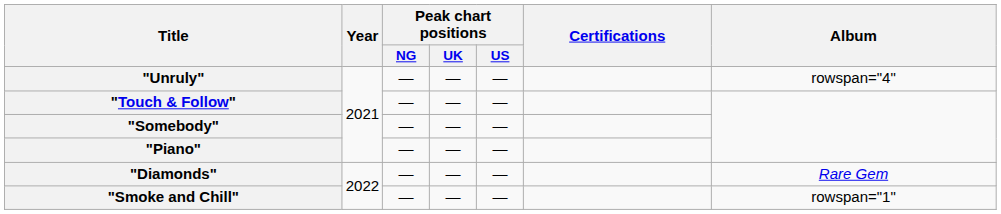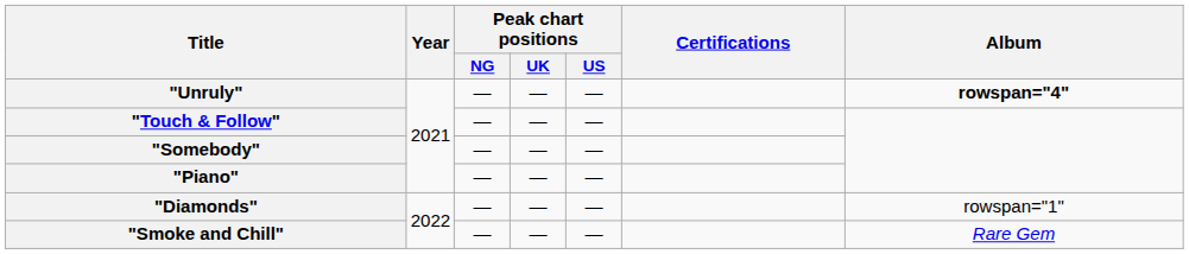 <table class="wikitable plainrowheaders" style="text-align:center;" border="1">
 <tr>
 <th scope="col" rowspan="2" style="width:22em;">Title</th>
 <th scope="col" rowspan="2" style="width:1em;">Year</th>
 <th scope="col" colspan="3">Peak chart positions</th>
 <th scope="col" rowspan="2" style="width:12em;"><a href='#'>Certifications</a></th>
 <th scope="col" rowspan="2" style="width:18.5em;">Album</th>
 </tr>
 <tr>
 <th scope="col" style="width:3em;font-size:90%;"><a href='#'>NG</a><br></th>
 <th scope="col" style="width:3em;font-size:90%;"><a href='#'>UK</a><br></th>
 <th scope="col" style="width:3em;font-size:90%;"><a href='#'>US</a><br></th>
 </tr>
 <tr>
 <th scope="row">"Unruly"</th>
 <td rowspan="4">2021</td>
 <td>—</td>
 <td>—</td>
 <td>—</td>
 <td></td>
-<td>rowspan="4" </td>
+<td><strong>rowspan="4" </strong></td>
 </tr>
 <tr>
 <th scope="row">"<a href='#'>Touch & Follow</a>"</th>
 <td>—</td>
 <td>—</td>
 <td>—</td>
 <td></td>
 </tr>
 <tr>
 <th scope="row">"Somebody"</th>
 <td>—</td>
 <td>—</td>
 <td>—</td>
 <td></td>
 </tr>
 <tr>
 <th scope="row">"Piano"</th>
 <td>—</td>
 <td>—</td>
 <td>—</td>
 <td></td>
 </tr>
 <tr>
 <th scope="row">"Diamonds"</th>
 <td rowspan="2">2022</td>
 <td>—</td>
 <td>—</td>
 <td>—</td>
 <td></td>
-<td rowspan="1"><em><a href='#'>Rare Gem</a></em></td>
+<td>rowspan="1" </td>
 </tr>
 <tr>
 <th scope="row">"Smoke and Chill"</th>
 <td>—</td>
 <td>—</td>
 <td>—</td>
 <td></td>
-<td>rowspan="1" </td>
+<td rowspan="1"><em><a href='#'>Rare Gem</a></em></td>
 </tr>
 </table>
